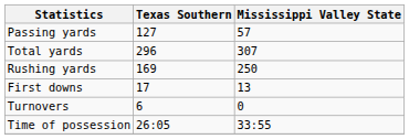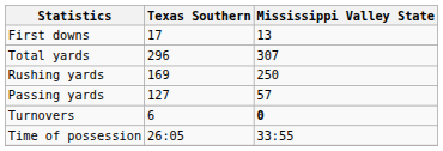 <table class="wikitable">
 <tr>
 <th>Statistics</th>
 <th>Texas Southern</th>
 <th>Mississippi Valley State</th>
 </tr>
 <tr>
-<td>Passing yards</td>
-<td>127</td>
-<td>57</td>
+<td>First downs</td>
+<td>17</td>
+<td>13</td>
 </tr>
 <tr>
 <td>Total yards</td>
 <td>296</td>
 <td>307</td>
 </tr>
 <tr>
 <td>Rushing yards</td>
 <td>169</td>
 <td>250</td>
 </tr>
 <tr>
-<td>First downs</td>
-<td>17</td>
-<td>13</td>
+<td>Passing yards</td>
+<td>127</td>
+<td>57</td>
 </tr>
 <tr>
 <td>Turnovers</td>
 <td>6</td>
-<td>0</td>
+<td><strong>0</strong></td>
 </tr>
 <tr>
 <td>Time of possession</td>
 <td>26:05</td>
 <td>33:55</td>
 </tr>
 <tr>
 </tr>
 </table>
